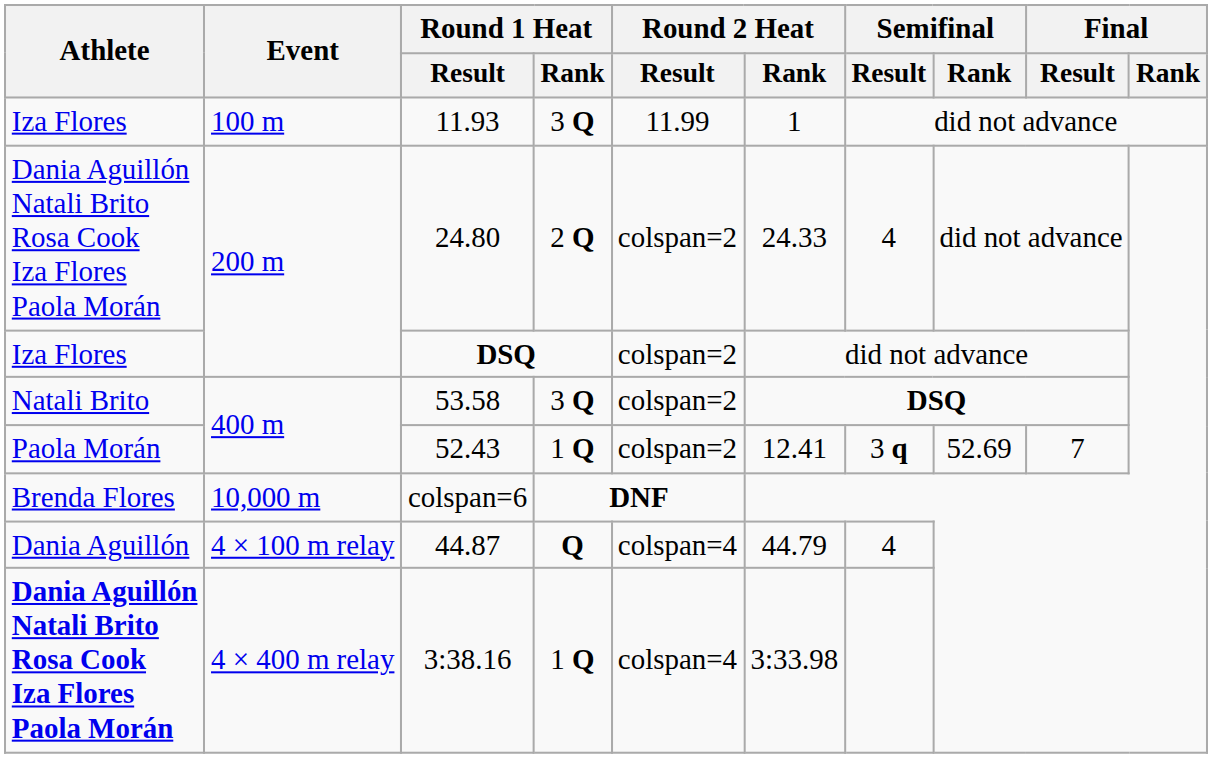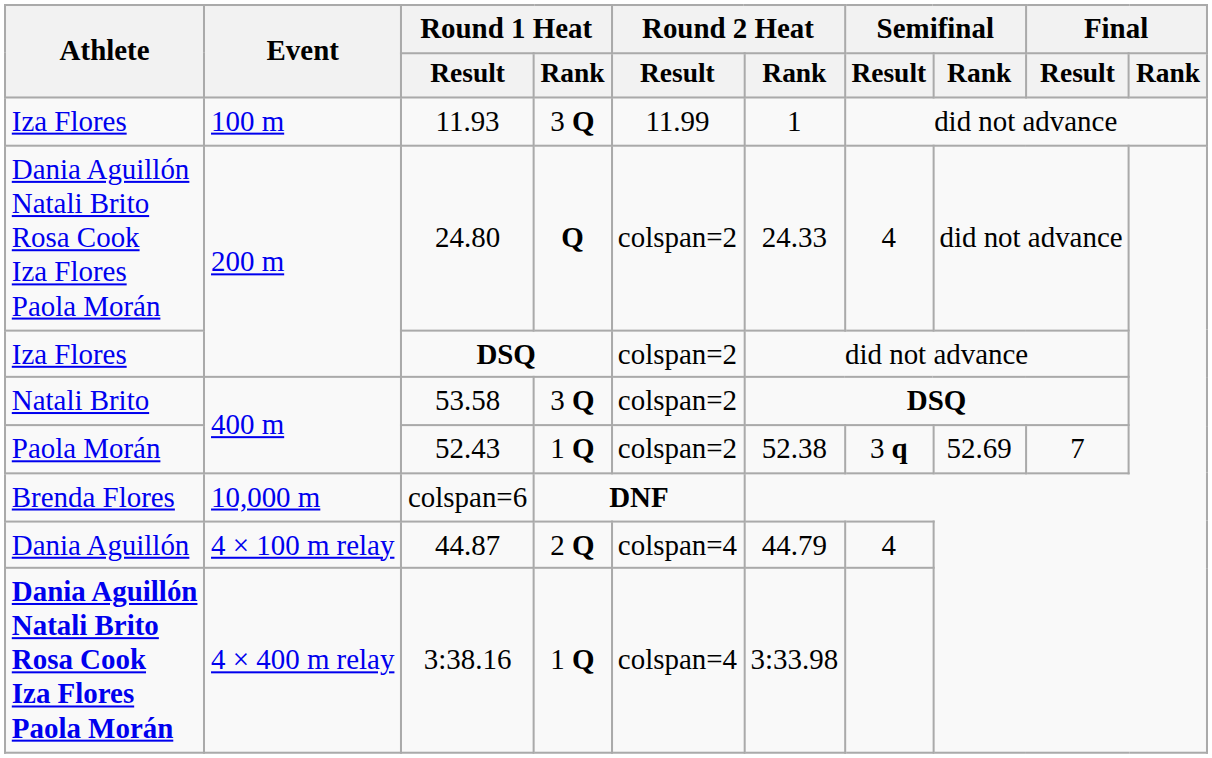 <table class="wikitable" style="font-size:90%">
 <tr>
 <th rowspan="2">Athlete</th>
 <th rowspan="2">Event</th>
 <th colspan="2">Round 1 Heat</th>
 <th colspan="2">Round 2 Heat</th>
 <th colspan="2">Semifinal</th>
 <th colspan="2">Final</th>
 </tr>
 <tr style="font-size:95%">
 <th>Result</th>
 <th>Rank</th>
 <th>Result</th>
 <th>Rank</th>
 <th>Result</th>
 <th>Rank</th>
 <th>Result</th>
 <th>Rank</th>
 </tr>
 <tr align=center>
 <td align=left><a href='#'>Iza Flores</a></td>
 <td align=left><a href='#'>100 m</a></td>
 <td>11.93</td>
 <td>3 <strong>Q</strong></td>
 <td>11.99</td>
 <td>1</td>
 <td colspan=4>did not advance</td>
 </tr>
 <tr align=center>
 <td align=left><a href='#'>Dania Aguillón</a><br><a href='#'>Natali Brito</a><br><a href='#'>Rosa Cook</a><br><a href='#'>Iza Flores</a><br><a href='#'>Paola Morán</a></td>
 <td align=left rowspan = 2><a href='#'>200 m</a></td>
 <td>24.80</td>
-<td>2 <strong>Q</strong></td>
+<td><strong>Q</strong></td>
 <td>colspan=2 </td>
 <td>24.33</td>
 <td>4</td>
 <td colspan=2>did not advance</td>
 </tr>
 <tr align=center>
 <td align=left><a href='#'>Iza Flores</a></td>
 <td colspan=2><strong>DSQ</strong></td>
 <td>colspan=2 </td>
 <td colspan=4>did not advance</td>
 </tr>
 <tr align=center>
 <td align=left><a href='#'>Natali Brito</a></td>
 <td align=left rowspan = 2><a href='#'>400 m</a></td>
 <td>53.58</td>
 <td>3 <strong>Q</strong></td>
 <td>colspan=2 </td>
 <td colspan=4><strong>DSQ</strong></td>
 </tr>
 <tr align=center>
 <td align=left><a href='#'>Paola Morán</a></td>
 <td>52.43</td>
 <td>1 <strong>Q</strong></td>
 <td>colspan=2 </td>
-<td>12.41</td>
+<td>52.38</td>
 <td>3 <strong>q</strong></td>
 <td>52.69</td>
 <td>7</td>
 </tr>
 <tr align=center>
 <td align=left><a href='#'>Brenda Flores</a></td>
 <td align=left><a href='#'>10,000 m</a></td>
 <td>colspan=6 </td>
 <td colspan=2><strong>DNF</strong></td>
 </tr>
 <tr align=center>
 <td align=left><a href='#'>Dania Aguillón</a></td>
 <td align=left><a href='#'>4 × 100 m relay</a></td>
 <td>44.87</td>
-<td><strong>Q</strong></td>
+<td>2 <strong>Q</strong></td>
 <td>colspan=4 </td>
 <td>44.79</td>
 <td>4</td>
 </tr>
 <tr align=center>
 <td align=left><strong><a href='#'>Dania Aguillón</a><br><a href='#'>Natali Brito</a><br><a href='#'>Rosa Cook</a><br><a href='#'>Iza Flores</a><br><a href='#'>Paola Morán</a></strong></td>
 <td align=left><a href='#'>4 × 400 m relay</a></td>
 <td>3:38.16</td>
 <td>1 <strong>Q</strong></td>
 <td>colspan=4 </td>
 <td>3:33.98</td>
 <td></td>
 </tr>
 </table>
